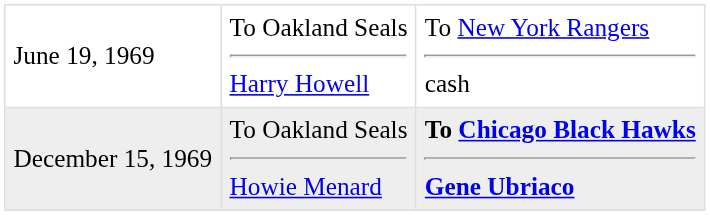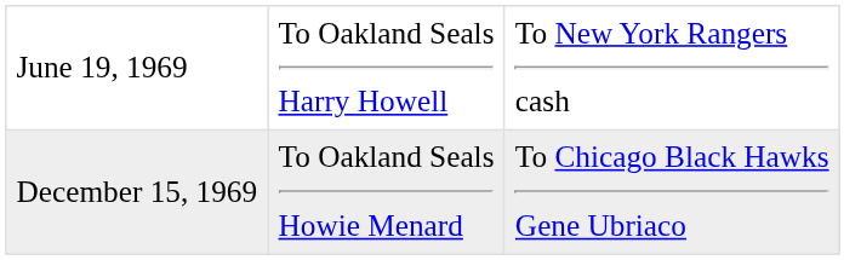 <table border=1 style="border-collapse:collapse" bordercolor="#DFDFDF"  cellpadding="5">
 <tr>
 <td>June 19, 1969</td>
 <td valign="top">To Oakland Seals <hr><a href='#'>Harry Howell</a></td>
 <td valign="top">To <a href='#'>New York Rangers</a> <hr>cash</td>
 </tr>
 <tr bgcolor="#eeeeee">
 <td>December 15, 1969</td>
 <td valign="top">To Oakland Seals <hr><a href='#'>Howie Menard</a></td>
-<td valign="top"><strong>To <a href='#'>Chicago Black Hawks</a> <hr><a href='#'>Gene Ubriaco</a></strong></td>
+<td valign="top">To <a href='#'>Chicago Black Hawks</a> <hr><a href='#'>Gene Ubriaco</a></td>
 </tr>
 </table>
